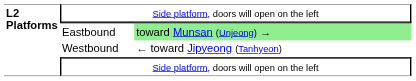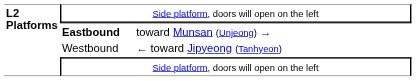 <table table border=0 cellspacing=0 cellpadding=3>
 <tr>
 <td style="border-top:solid 1px gray;border-bottom:solid 1px gray;" width=50 rowspan=10 valign=top><strong>L2<br>Platforms</strong></td>
 <td style="border-top:solid 1px gray;border-right:solid 2px black;border-left:solid 2px black;border-bottom:solid 2px black;text-align:center;" colspan=2><small><a href='#'>Side platform</a>, doors will open on the left</small></td>
 </tr>
 <tr>
-<td style="border-bottom:solid 0px gray;border-top:solid 1px gray;" width=100>Eastbound</td>
-<td style="background: lightgreen; border-bottom:solid 0px gray;border-top:solid 1px gray;" width=390>  toward <a href='#'>Munsan</a> <small>(<a href='#'>Unjeong</a>)</small> →</td>
+<td style="border-bottom:solid 0px gray;border-top:solid 1px gray;" width=100><strong>Eastbound</strong></td>
+<td style="border-bottom:solid 0px gray;border-top:solid 1px gray;" width=390>  toward <a href='#'>Munsan</a> <small>(<a href='#'>Unjeong</a>)</small> →</td>
 </tr>
 <tr>
 <td>Westbound</td>
 <td>←  toward <a href='#'>Jipyeong</a> <small>(<a href='#'>Tanhyeon</a>)</small></td>
 </tr>
 <tr>
 <td style="border-top:solid 2px black;border-right:solid 2px black;border-left:solid 2px black;border-bottom:solid 1px gray;text-align:center;" colspan=2><small><a href='#'>Side platform</a>, doors will open on the left</small></td>
 </tr>
 </table>
